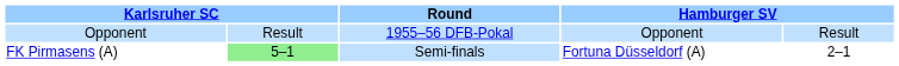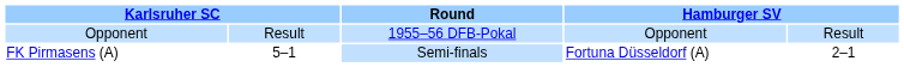 <table style="width:80%; text-align:center;">
 <tr style="vertical-align:top; background:#99CCFF;">
 <th colspan="2"><a href='#'>Karlsruher SC</a></th>
 <th style="width:20%">Round</th>
 <th colspan="2"><a href='#'>Hamburger SV</a></th>
 </tr>
 <tr style="vertical-align:top; background:#C1E0FF;">
 <td style="width:20%">Opponent</td>
 <td style="width:10%">Result</td>
 <td><a href='#'>1955–56 DFB-Pokal</a></td>
 <td style="width:20%">Opponent</td>
 <td style="width:10%">Result</td>
 </tr>
 <tr>
 <td align="left"><a href='#'>FK Pirmasens</a> (A)</td>
-<td style="background: lightgreen;">5–1</td>
+<td>5–1</td>
 <td style="background:#C1E0FF;">Semi-finals</td>
 <td align="left"><a href='#'>Fortuna Düsseldorf</a> (A)</td>
 <td>2–1</td>
 </tr>
 </table>
